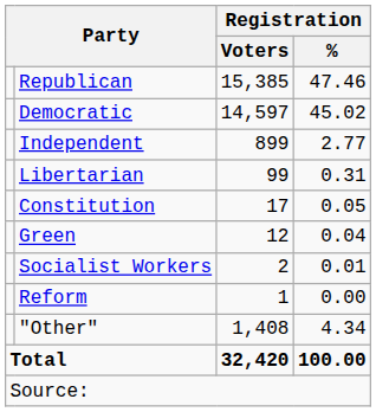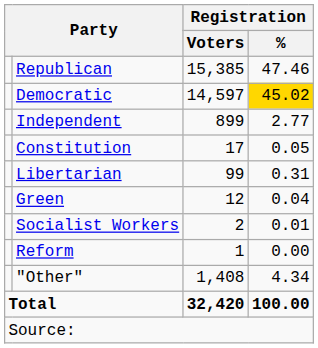 <table class="wikitable">
 <tr>
 <th colspan="2" rowspan="2">Party</th>
 <th colspan="2">Registration</th>
 </tr>
 <tr>
 <th>Voters</th>
 <th>%</th>
 </tr>
 <tr>
 <td style="background-color:"></td>
 <td><a href='#'>Republican</a></td>
 <td style="text-align:right;">15,385</td>
 <td style="text-align:right;">47.46</td>
 </tr>
 <tr>
 <td style="background-color:"></td>
 <td><a href='#'>Democratic</a></td>
 <td style="text-align:right;">14,597</td>
-<td style="text-align:right;">45.02</td>
+<td style="background: gold; text-align:right;">45.02</td>
 </tr>
 <tr>
 <td style="background-color:"></td>
 <td><a href='#'>Independent</a></td>
 <td style="text-align:right;">899</td>
 <td style="text-align:right;">2.77</td>
 </tr>
 <tr>
 <td style="background-color:"></td>
+<td><a href='#'>Constitution</a></td>
+<td style="text-align:right;">17</td>
+<td style="text-align:right;">0.05</td>
+</tr>
+<tr>
+<td style="background-color:"></td>
 <td><a href='#'>Libertarian</a></td>
 <td style="text-align:right;">99</td>
 <td style="text-align:right;">0.31</td>
-</tr>
-<tr>
-<td style="background-color:"></td>
-<td><a href='#'>Constitution</a></td>
-<td style="text-align:right;">17</td>
-<td style="text-align:right;">0.05</td>
 </tr>
 <tr>
 <td style="background-color:"></td>
 <td><a href='#'>Green</a></td>
 <td style="text-align:right;">12</td>
 <td style="text-align:right;">0.04</td>
 </tr>
 <tr>
 <td style="background-color:"></td>
 <td><a href='#'>Socialist Workers</a></td>
 <td style="text-align:right;">2</td>
 <td style="text-align:right;">0.01</td>
 </tr>
 <tr>
 <td style="background-color:"></td>
 <td><a href='#'>Reform</a></td>
 <td style="text-align:right;">1</td>
 <td style="text-align:right;">0.00</td>
 </tr>
 <tr>
 <td></td>
 <td>"Other"</td>
 <td style="text-align:right;">1,408</td>
 <td style="text-align:right;">4.34</td>
 </tr>
 <tr>
 <td colspan="2"><strong>Total</strong></td>
 <td style="text-align:right;"><strong>32,420</strong></td>
 <td style="text-align:right;"><strong>100.00</strong></td>
 </tr>
 <tr>
 <td colspan="4">Source: <em></em></td>
 </tr>
 </table>
